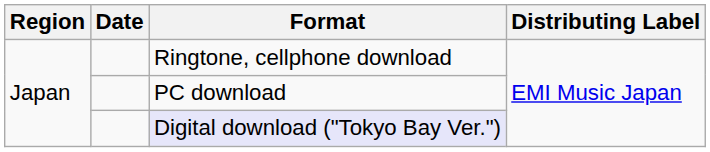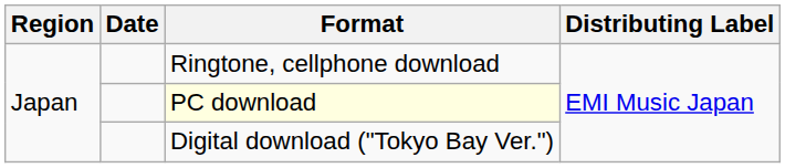 <table class="wikitable">
 <tr>
 <th>Region</th>
 <th>Date</th>
 <th>Format</th>
 <th>Distributing Label</th>
 </tr>
 <tr>
 <td rowspan=3>Japan</td>
 <td></td>
 <td>Ringtone, cellphone download</td>
 <td rowspan=3><a href='#'>EMI Music Japan</a></td>
 </tr>
 <tr>
 <td></td>
-<td>PC download</td>
+<td style="background: lightyellow;">PC download</td>
 </tr>
 <tr>
 <td></td>
-<td style="background: lavender;">Digital download ("Tokyo Bay Ver.")</td>
+<td>Digital download ("Tokyo Bay Ver.")</td>
 </tr>
 </table>
